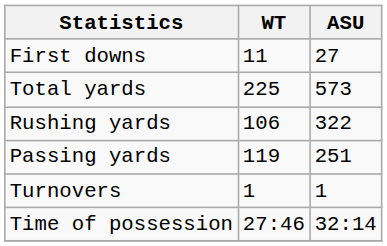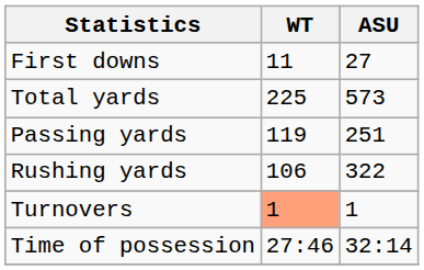 <table class="wikitable" style="float: left;">
 <tr>
 <th>Statistics</th>
 <th>WT</th>
 <th>ASU</th>
 </tr>
 <tr>
 <td>First downs</td>
 <td>11</td>
 <td>27</td>
 </tr>
 <tr>
 <td>Total yards</td>
 <td>225</td>
 <td>573</td>
 </tr>
 <tr>
+<td>Passing yards</td>
+<td>119</td>
+<td>251</td>
+</tr>
+<tr>
 <td>Rushing yards</td>
 <td>106</td>
 <td>322</td>
 </tr>
 <tr>
-<td>Passing yards</td>
-<td>119</td>
-<td>251</td>
-</tr>
-<tr>
 <td>Turnovers</td>
-<td>1</td>
+<td style="background: lightsalmon;">1</td>
 <td>1</td>
 </tr>
 <tr>
 <td>Time of possession</td>
 <td>27:46</td>
 <td>32:14</td>
 </tr>
 <tr>
 </tr>
 </table>
